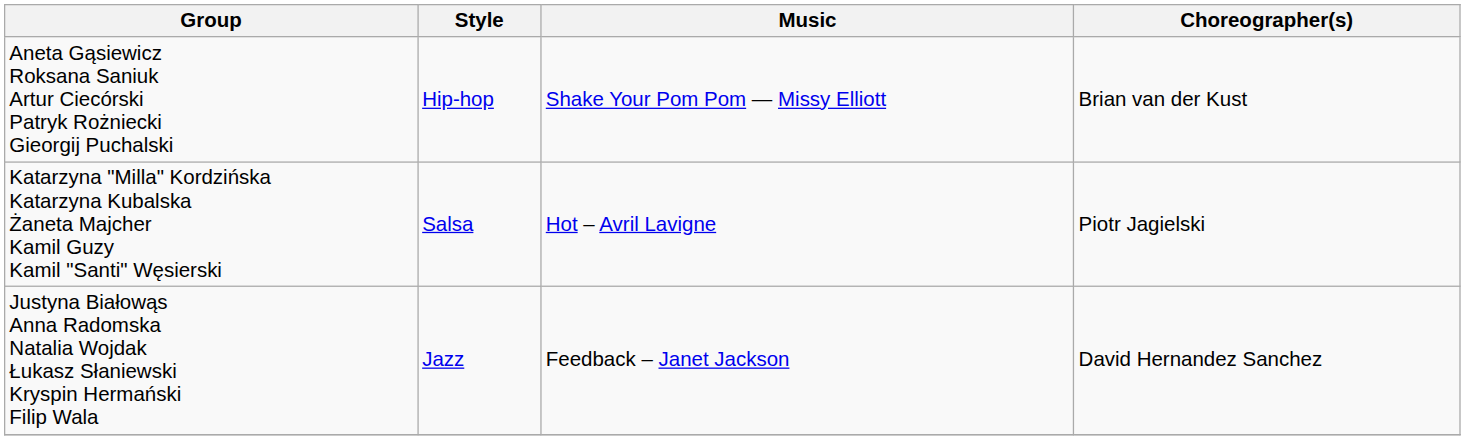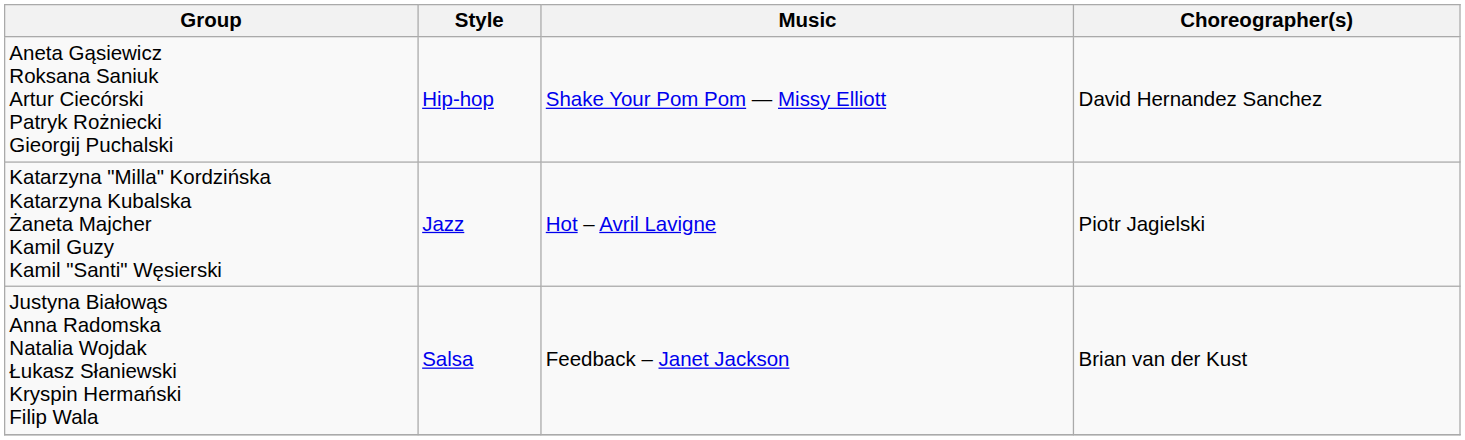 <table class="wikitable" width="90%">
 <tr>
 <th>Group</th>
 <th>Style</th>
 <th>Music</th>
 <th>Choreographer(s)</th>
 </tr>
 <tr>
 <td>Aneta Gąsiewicz<br>Roksana Saniuk<br>Artur Ciecórski<br>Patryk Rożniecki<br>Gieorgij Puchalski</td>
 <td><a href='#'>Hip-hop</a></td>
 <td><a href='#'>Shake Your Pom Pom</a> — <a href='#'>Missy Elliott</a></td>
-<td>Brian van der Kust</td>
+<td>David Hernandez Sanchez</td>
 </tr>
 <tr>
 <td>Katarzyna "Milla" Kordzińska<br>Katarzyna Kubalska<br>Żaneta Majcher<br>Kamil Guzy<br>Kamil "Santi" Węsierski</td>
-<td><a href='#'>Salsa</a></td>
+<td><a href='#'>Jazz</a></td>
 <td><a href='#'>Hot</a> – <a href='#'>Avril Lavigne</a></td>
 <td>Piotr Jagielski</td>
 </tr>
 <tr>
 <td>Justyna Białowąs<br>Anna Radomska<br>Natalia Wojdak<br>Łukasz Słaniewski<br>Kryspin Hermański<br>Filip Wala</td>
-<td><a href='#'>Jazz</a></td>
+<td><a href='#'>Salsa</a></td>
 <td>Feedback – <a href='#'>Janet Jackson</a></td>
-<td>David Hernandez Sanchez</td>
+<td>Brian van der Kust</td>
 </tr>
 <tr>
 </tr>
 </table>
